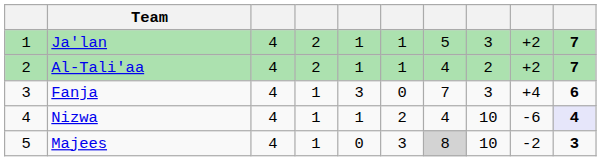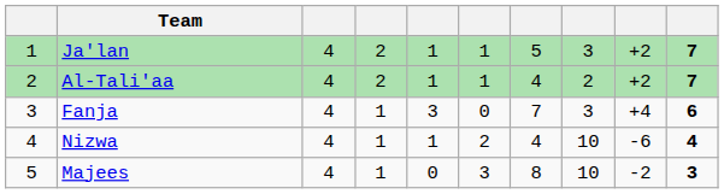 <table class="wikitable" style="text-align: center;">
 <tr>
 <th width=30></th>
 <th width=165>Team</th>
 <th width=30></th>
 <th width=30></th>
 <th width=30></th>
 <th width=30></th>
 <th width=30></th>
 <th width=30></th>
 <th width=30></th>
 <th width=30></th>
 </tr>
 <tr bgcolor=#ACE1AF>
 <td>1</td>
 <td align=left><a href='#'>Ja'lan</a></td>
 <td>4</td>
 <td>2</td>
 <td>1</td>
 <td>1</td>
 <td>5</td>
 <td>3</td>
 <td>+2</td>
 <td><strong>7</strong></td>
 </tr>
 <tr bgcolor=#ACE1AF>
 <td>2</td>
 <td align=left><a href='#'>Al-Tali'aa</a></td>
 <td>4</td>
 <td>2</td>
 <td>1</td>
 <td>1</td>
 <td>4</td>
 <td>2</td>
 <td>+2</td>
 <td><strong>7</strong></td>
 </tr>
 <tr>
 <td>3</td>
 <td align=left><a href='#'>Fanja</a></td>
 <td>4</td>
 <td>1</td>
 <td>3</td>
 <td>0</td>
 <td>7</td>
 <td>3</td>
 <td>+4</td>
 <td><strong>6</strong></td>
 </tr>
 <tr>
 <td>4</td>
 <td align=left><a href='#'>Nizwa</a></td>
 <td>4</td>
 <td>1</td>
 <td>1</td>
 <td>2</td>
 <td>4</td>
 <td>10</td>
 <td>-6</td>
-<td style="background: lavender;"><strong>4</strong></td>
+<td><strong>4</strong></td>
 </tr>
 <tr>
 <td>5</td>
 <td align=left><a href='#'>Majees</a></td>
 <td>4</td>
 <td>1</td>
 <td>0</td>
 <td>3</td>
-<td style="background: lightgrey;">8</td>
+<td>8</td>
 <td>10</td>
 <td>-2</td>
 <td><strong>3</strong></td>
 </tr>
 </table>
